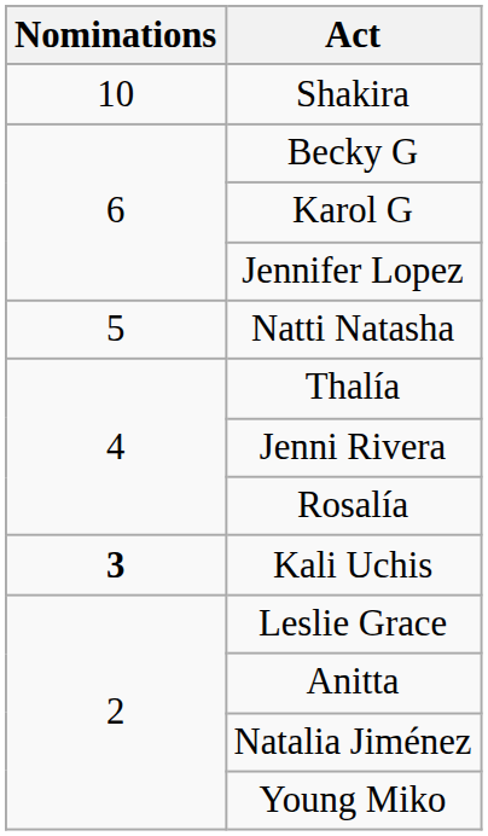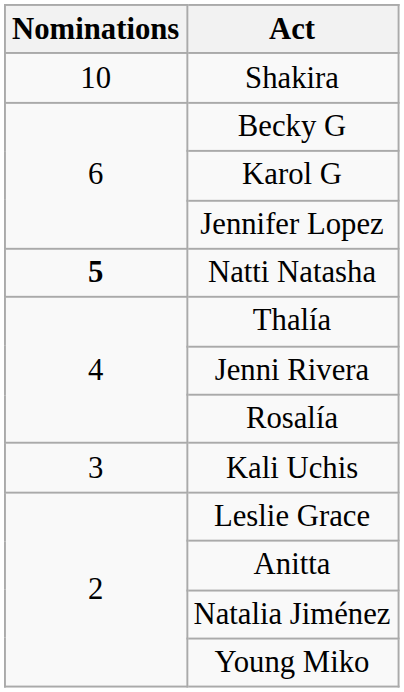 <table class="wikitable" rowspan="2" style="text-align:center;">
 <tr>
 <th scope="col">Nominations</th>
 <th scope="col">Act</th>
 </tr>
 <tr>
 <td>10</td>
 <td>Shakira</td>
 </tr>
 <tr>
 <td rowspan="3">6</td>
 <td>Becky G</td>
 </tr>
 <tr>
 <td>Karol G</td>
 </tr>
 <tr>
 <td>Jennifer Lopez</td>
 </tr>
 <tr>
-<td>5</td>
+<td><strong>5</strong></td>
 <td>Natti Natasha</td>
 </tr>
 <tr>
 <td rowspan="3">4</td>
 <td>Thalía</td>
 </tr>
 <tr>
 <td>Jenni Rivera</td>
 </tr>
 <tr>
 <td>Rosalía</td>
 </tr>
 <tr>
-<td><strong>3</strong></td>
+<td>3</td>
 <td>Kali Uchis</td>
 </tr>
 <tr>
 <td rowspan="4">2</td>
 <td>Leslie Grace</td>
 </tr>
 <tr>
 <td>Anitta</td>
 </tr>
 <tr>
 <td>Natalia Jiménez</td>
 </tr>
 <tr>
 <td>Young Miko</td>
 </tr>
 </table>
